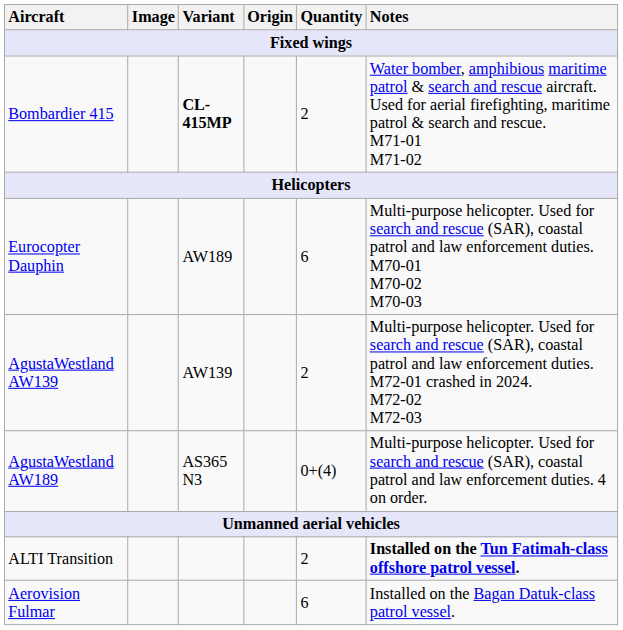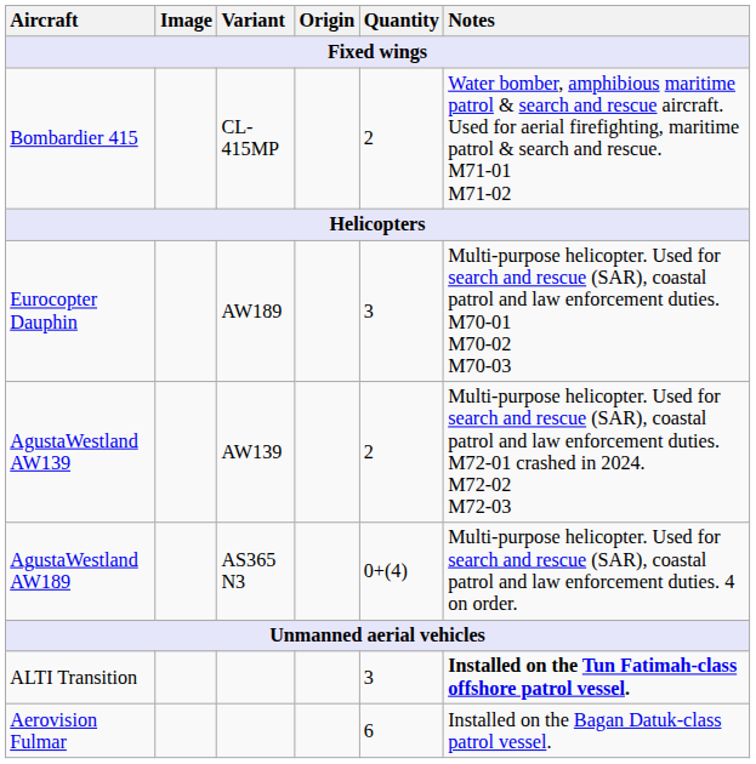 <table class="wikitable">
 <tr>
 <th style="text-align: left;">Aircraft</th>
 <th style="text-align: left;">Image</th>
 <th style="text-align: left;">Variant</th>
 <th style="text-align: left;">Origin</th>
 <th style="text-align: left;">Quantity</th>
 <th style="text-align: left;">Notes</th>
 </tr>
 <tr>
 <th style="align: center; background: lavender;" colspan="7">Fixed wings</th>
 </tr>
 <tr>
 <td><a href='#'>Bombardier 415</a></td>
 <td></td>
-<td><strong>CL-415MP</strong></td>
+<td>CL-415MP</td>
 <td></td>
 <td>2</td>
 <td><a href='#'>Water bomber</a>, <a href='#'>amphibious</a> <a href='#'>maritime patrol</a> & <a href='#'>search and rescue</a> aircraft. Used for aerial firefighting, maritime patrol & search and rescue.<br>M71-01<br>M71-02</td>
 </tr>
 <tr>
 <th style="align: center; background: lavender;" colspan="7">Helicopters</th>
 </tr>
 <tr>
 <td><a href='#'>Eurocopter Dauphin</a></td>
 <td></td>
 <td>AW189</td>
 <td></td>
-<td>6</td>
+<td>3</td>
 <td>Multi-purpose helicopter. Used for <a href='#'>search and rescue</a> (SAR), coastal patrol and law enforcement duties.<br>M70-01<br>M70-02<br>M70-03</td>
 </tr>
 <tr>
 <td><a href='#'>AgustaWestland AW139</a></td>
 <td></td>
 <td>AW139</td>
 <td></td>
 <td>2</td>
 <td>Multi-purpose helicopter. Used for <a href='#'>search and rescue</a> (SAR), coastal patrol and law enforcement duties. M72-01 crashed in 2024.<br>M72-02<br>M72-03</td>
 </tr>
 <tr>
 <td><a href='#'>AgustaWestland AW189</a></td>
 <td></td>
 <td>AS365 N3</td>
 <td></td>
 <td>0+(4)</td>
 <td>Multi-purpose helicopter. Used for <a href='#'>search and rescue</a> (SAR), coastal patrol and law enforcement duties. 4 on order.</td>
 </tr>
 <tr>
 <th style="align: center; background: lavender;" colspan="7">Unmanned aerial vehicles</th>
 </tr>
 <tr>
 <td>ALTI Transition</td>
 <td></td>
 <td></td>
 <td></td>
-<td>2</td>
+<td>3</td>
 <td><strong>Installed on the <a href='#'>Tun Fatimah-class offshore patrol vessel</a>.</strong></td>
 </tr>
 <tr>
 <td><a href='#'>Aerovision Fulmar</a></td>
 <td></td>
 <td></td>
 <td></td>
 <td>6</td>
 <td>Installed on the <a href='#'>Bagan Datuk-class patrol vessel</a>.</td>
 </tr>
 </table>
